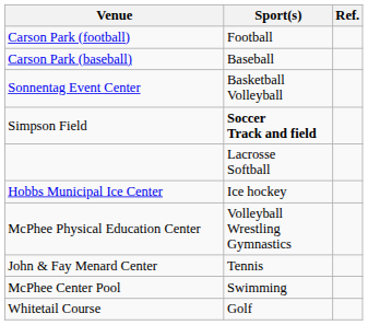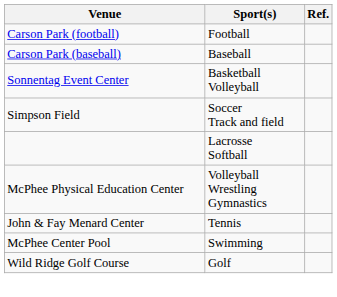 <table class= wikitable>
 <tr>
 <th width=250px>Venue</th>
 <th width=120px>Sport(s)</th>
 <th width=px>Ref.</th>
 </tr>
 <tr>
 <td><a href='#'>Carson Park (football)</a> </td>
 <td>Football</td>
 <td></td>
 </tr>
 <tr>
 <td><a href='#'>Carson Park (baseball)</a> </td>
 <td>Baseball</td>
 <td></td>
 </tr>
 <tr>
 <td><a href='#'>Sonnentag Event Center</a> </td>
 <td>Basketball <br> Volleyball</td>
 <td></td>
 </tr>
 <tr>
 <td>Simpson Field</td>
-<td><strong>Soccer <br> Track and field</strong></td>
+<td>Soccer <br> Track and field</td>
 <td></td>
 </tr>
 <tr>
 <td Sonnentag Fieldhouse ></td>
 <td>Lacrosse<br>Softball</td>
-<td></td>
-</tr>
-<tr>
-<td><a href='#'>Hobbs Municipal Ice Center</a> </td>
-<td>Ice hockey</td>
 <td></td>
 </tr>
 <tr>
 <td>McPhee Physical Education Center</td>
 <td>Volleyball <br> Wrestling <br> Gymnastics</td>
 <td></td>
 </tr>
 <tr>
 <td>John & Fay Menard Center</td>
 <td>Tennis</td>
 <td></td>
 </tr>
 <tr>
 <td>McPhee Center Pool</td>
 <td>Swimming</td>
 <td></td>
 </tr>
 <tr>
-<td>Whitetail Course </td>
+<td>Wild Ridge Golf Course </td>
 <td>Golf</td>
 <td></td>
 </tr>
 </table>
